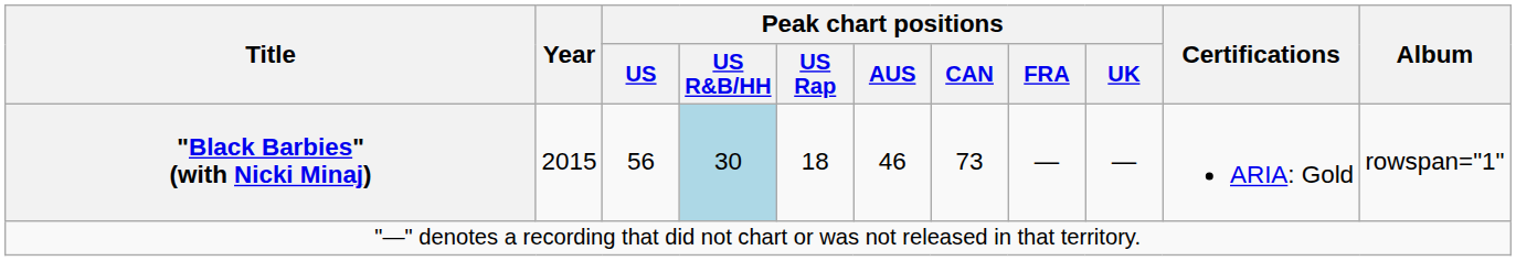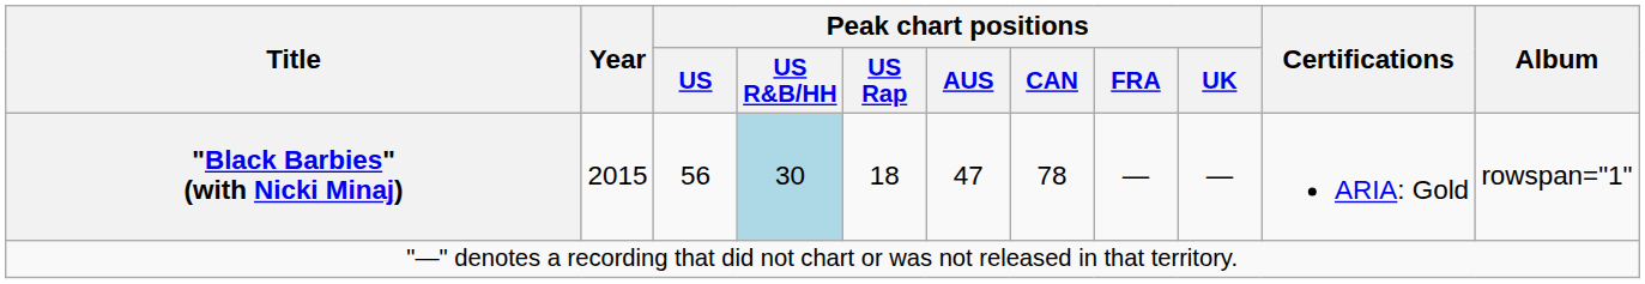 <table class="wikitable plainrowheaders" style="text-align:center;">
 <tr>
 <th scope="col" rowspan="2" style="width:21em;">Title</th>
 <th scope="col" rowspan="2">Year</th>
 <th scope="col" colspan="7">Peak chart positions</th>
 <th scope="col" rowspan="2">Certifications</th>
 <th scope="col" rowspan="2">Album</th>
 </tr>
 <tr>
 <th scope="col" style="width:3em;font-size:90%;"><a href='#'>US</a><br></th>
 <th scope="col" style="width:3em;font-size:90%;"><a href='#'>US<br>R&B/HH</a><br></th>
 <th scope="col" style="width:3em;font-size:90%;"><a href='#'>US Rap</a><br></th>
 <th scope="col" style="width:3em;font-size:90%;"><a href='#'>AUS</a><br></th>
 <th scope="col" style="width:3em;font-size:90%;"><a href='#'>CAN</a><br></th>
 <th scope="col" style="width:3em;font-size:90%;"><a href='#'>FRA</a><br></th>
 <th scope="col" style="width:3em;font-size:90%;"><a href='#'>UK</a><br></th>
 </tr>
 <tr>
 <th scope="row">"<a href='#'>Black Barbies</a>"<br><span>(with <a href='#'>Nicki Minaj</a>)</span></th>
 <td rowspan="1">2015</td>
 <td>56</td>
 <td style="background: lightblue;">30</td>
 <td>18</td>
-<td>46</td>
-<td>73</td>
+<td>47</td>
+<td>78</td>
 <td>—</td>
 <td>—</td>
 <td><br><ul><li><a href='#'>ARIA</a>: Gold</li></ul></td>
 <td>rowspan="1"</td>
 </tr>
 <tr>
 <td colspan="14" style="font-size:90%">"—" denotes a recording that did not chart or was not released in that territory.</td>
 </tr>
 </table>
